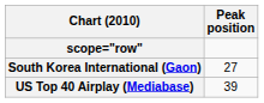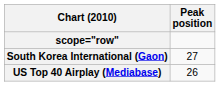 <table class="wikitable plainrowheaders sortable" style="text-align:center;">
 <tr>
 <th scope="col">Chart (2010)</th>
 <th scope="col">Peak<br>position</th>
 </tr>
 <tr>
 <th>scope="row" </th>
 </tr>
 <tr>
 <th scope="row">South Korea International (<a href='#'>Gaon</a>)</th>
 <td style="text-align:center;">27</td>
 </tr>
 <tr>
 <th scope="row">US Top 40 Airplay (<a href='#'>Mediabase</a>)</th>
-<td>39</td>
+<td>26</td>
 </tr>
 </table>
